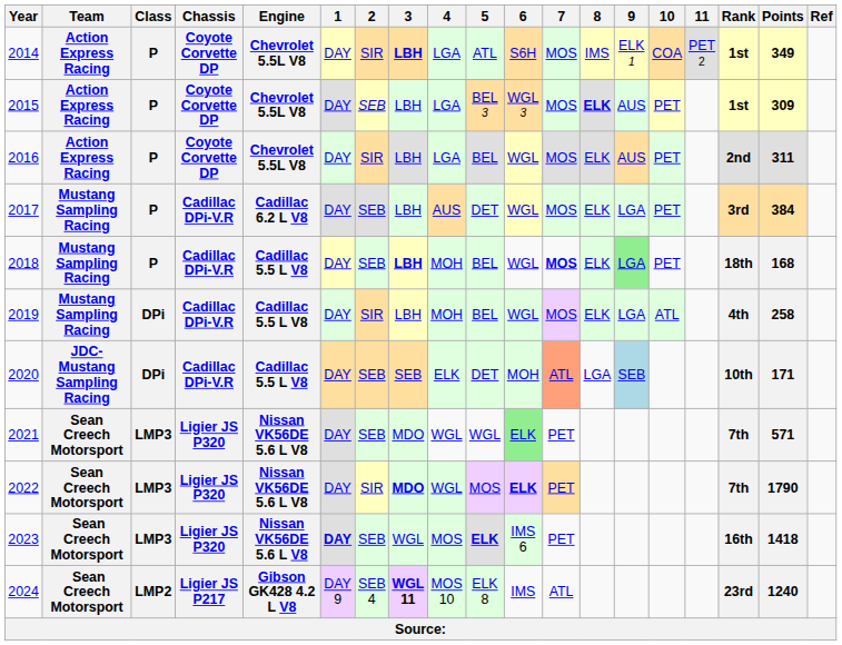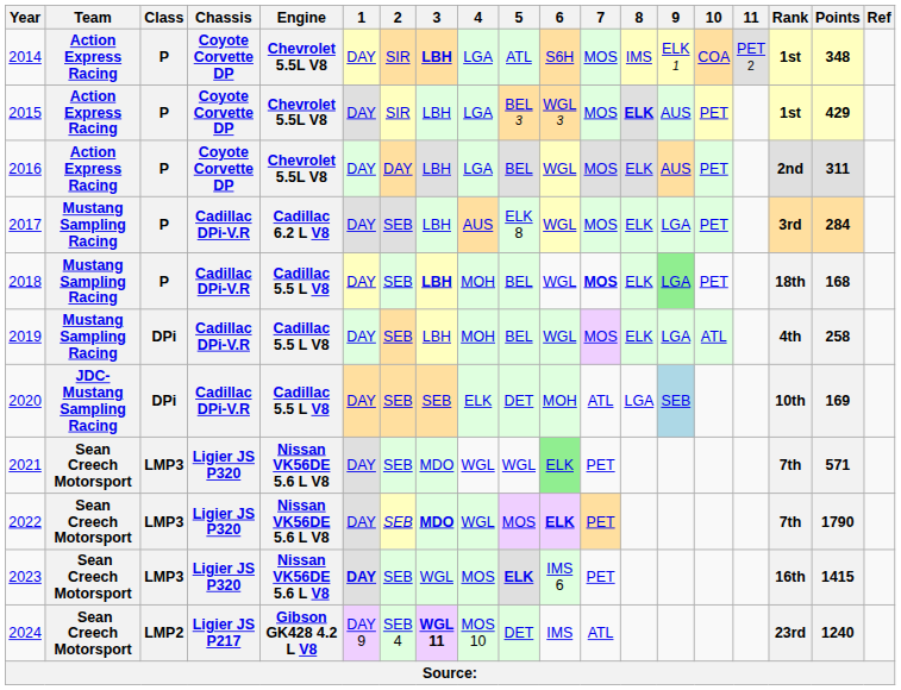 <table class="wikitable" style="text-align:center; font-size:90%">
 <tr>
 <th>Year</th>
 <th>Team</th>
 <th>Class</th>
 <th>Chassis</th>
 <th>Engine</th>
 <th>1</th>
 <th>2</th>
 <th>3</th>
 <th>4</th>
 <th>5</th>
 <th>6</th>
 <th>7</th>
 <th>8</th>
 <th>9</th>
 <th>10</th>
 <th>11</th>
 <th>Rank</th>
 <th>Points</th>
 <th>Ref</th>
 </tr>
 <tr>
 <td><a href='#'>2014</a></td>
 <th><a href='#'>Action Express Racing</a></th>
 <th>P</th>
 <th><a href='#'>Coyote</a> <a href='#'>Corvette DP</a></th>
 <th><a href='#'>Chevrolet</a> 5.5L V8</th>
 <td style="background:#FFFFBF;"><a href='#'>DAY</a><br></td>
 <td style="background:#FFDF9F;"><a href='#'>SIR</a><br></td>
 <td style="background:#ffdf9f;"><strong><a href='#'>LBH</a><br></strong></td>
 <td style="background:#dfffdf;"><a href='#'>LGA</a><br></td>
 <td style="background:#dfffdf;"><a href='#'>ATL</a><br></td>
 <td style="background:#ffdf9f;"><a href='#'>S6H</a><br></td>
 <td style="background:#dfffdf;"><a href='#'>MOS</a><br></td>
 <td style="background:#ffffbf;"><a href='#'>IMS</a><br></td>
 <td style="background:#ffffbf;"><a href='#'>ELK</a><br><small><em>1</em></small></td>
 <td style="background:#ffdf9f;"><a href='#'>COA</a><br></td>
 <td style="background:#DFDFDF;"><a href='#'>PET</a><br><small>2 </small></td>
 <td style="background:#ffffbf;"><strong>1st</strong></td>
-<td style="background:#ffffbf;"><strong>349</strong></td>
+<td style="background:#ffffbf;"><strong>348</strong></td>
 <td></td>
 </tr>
 <tr>
 <td><a href='#'>2015</a></td>
 <th><a href='#'>Action Express Racing</a></th>
 <th>P</th>
 <th><a href='#'>Coyote</a> <a href='#'>Corvette DP</a></th>
 <th><a href='#'>Chevrolet</a> 5.5L V8</th>
 <td style="background:#DFDFDF;"><a href='#'>DAY</a><br></td>
-<td style="background:#FFFFBF;"><em><a href='#'>SEB</a><br></em></td>
+<td style="background:#FFFFBF;"><a href='#'>SIR</a><br></td>
 <td style="background:#dfffdf;"><a href='#'>LBH</a><br></td>
 <td style="background:#dfffdf;"><a href='#'>LGA</a><br></td>
 <td style="background:#ffdf9f;"><a href='#'>BEL</a><br><small><em>3</em></small></td>
 <td style="background:#ffdf9f;"><a href='#'>WGL</a><br><small><em>3</em></small></td>
 <td style="background:#dfffdf;"><a href='#'>MOS</a><br></td>
 <td style="background:#dfdfdf;"><strong><a href='#'>ELK</a> <br></strong></td>
 <td style="background:#DFFFDF;"><a href='#'>AUS</a><br></td>
 <td style="background:#FFFFBF;"><a href='#'>PET</a><br></td>
 <td></td>
 <td style="background:#ffffbf;"><strong>1st</strong></td>
-<td style="background:#ffffbf;"><strong>309</strong></td>
+<td style="background:#ffffbf;"><strong>429</strong></td>
 <td></td>
 </tr>
 <tr>
 <td><a href='#'>2016</a></td>
 <th><a href='#'>Action Express Racing</a></th>
 <th>P</th>
 <th><a href='#'>Coyote</a> <a href='#'>Corvette DP</a></th>
 <th><a href='#'>Chevrolet</a> 5.5L V8</th>
 <td style="background:#dfffdf;"><a href='#'>DAY</a><br></td>
-<td style="background:#ffdf9f;"><a href='#'>SIR</a><br></td>
+<td style="background:#FFDF9F;"><a href='#'>DAY</a><br></td>
 <td style="background:#dfdfdf;"><a href='#'>LBH</a><br></td>
 <td style="background:#dfffdf;"><a href='#'>LGA</a><br></td>
 <td style="background:#dfdfdf;"><a href='#'>BEL</a><br></td>
 <td style="background:#ffffbf;"><a href='#'>WGL</a><br></td>
 <td style="background:#dfdfdf;"><a href='#'>MOS</a><br></td>
 <td style="background:#dfdfdf;"><a href='#'>ELK</a><br></td>
 <td style="background:#ffdf9f;"><a href='#'>AUS</a><br></td>
 <td style="background:#dfffdf;"><a href='#'>PET</a><br></td>
 <td></td>
 <td style="background:#dfdfdf;"><strong>2nd</strong></td>
 <td style="background:#dfdfdf;"><strong>311</strong></td>
 <td></td>
 </tr>
 <tr>
 <td><a href='#'>2017</a></td>
 <th><a href='#'>Mustang Sampling Racing</a></th>
 <th>P</th>
 <th><a href='#'>Cadillac DPi-V.R</a></th>
 <th><a href='#'>Cadillac</a> 6.2 L <a href='#'>V8</a></th>
 <td style="background:#dfdfdf;"><a href='#'>DAY</a><br></td>
 <td style="background:#DFDFDF;"><a href='#'>SEB</a><br></td>
 <td style="background:#DFFFDF;"><a href='#'>LBH</a><br></td>
 <td style="background:#FFDF9F;"><a href='#'>AUS</a><br></td>
-<td style="background:#DFFFDF;"><a href='#'>DET</a><br></td>
+<td style="background:#DFFFDF;"><a href='#'>ELK</a><br>8</td>
 <td style="background:#FFFFBF;"><a href='#'>WGL</a><br></td>
 <td style="background:#DFFFDF;"><a href='#'>MOS</a><br></td>
 <td style="background:#DFFFDF;"><a href='#'>ELK</a><br></td>
 <td style="background:#DFFFDF;"><a href='#'>LGA</a><br></td>
 <td style="background:#DFFFDF;"><a href='#'>PET</a><br></td>
 <td></td>
 <td style="background:#FFDF9F;"><strong>3rd</strong></td>
-<td style="background:#FFDF9F;"><strong>384</strong></td>
+<td style="background:#FFDF9F;"><strong>284</strong></td>
 <td></td>
 </tr>
 <tr>
 <td><a href='#'>2018</a></td>
 <th><a href='#'>Mustang Sampling Racing</a></th>
 <th>P</th>
 <th><a href='#'>Cadillac DPi-V.R</a></th>
 <th><a href='#'>Cadillac</a> 5.5 L <a href='#'>V8</a></th>
 <td style="background:#FFFFBF;"><a href='#'>DAY</a><br></td>
 <td style="background:#DFFFDF;"><a href='#'>SEB</a><br></td>
 <td style="background:#FFFFBF;"><strong><a href='#'>LBH</a><br></strong></td>
 <td style="background:#DFFFDF;"><a href='#'>MOH</a><br></td>
 <td style="background:#DFFFDF;"><a href='#'>BEL</a><br></td>
 <td><a href='#'>WGL</a><br></td>
 <td><strong><a href='#'>MOS</a><br></strong></td>
 <td style="background:#DFFFDF;"><a href='#'>ELK</a><br></td>
 <td style="background: lightgreen;"><a href='#'>LGA</a><br></td>
 <td><a href='#'>PET</a></td>
 <td></td>
 <th>18th</th>
 <th>168</th>
 <td></td>
 </tr>
 <tr>
 <td rowspan=1><a href='#'>2019</a></td>
 <th><a href='#'>Mustang Sampling Racing</a></th>
 <th>DPi</th>
 <th><a href='#'>Cadillac DPi-V.R</a></th>
 <th><a href='#'>Cadillac</a> 5.5 L V8</th>
 <td style="background:#dfffdf;"><a href='#'>DAY</a><br></td>
-<td style="background:#FFDF9F;"><a href='#'>SIR</a><br></td>
+<td style="background:#ffdf9f;"><a href='#'>SEB</a><br></td>
 <td style="background:#ffffbf;"><a href='#'>LBH</a><br></td>
 <td style="background:#dfffdf;"><a href='#'>MOH</a><br></td>
 <td style="background:#dfffdf;"><a href='#'>BEL</a><br></td>
 <td style="background:#dfffdf;"><a href='#'>WGL</a><br></td>
 <td style="background:#efcfff;"><a href='#'>MOS</a><br></td>
 <td style="background:#dfffdf;"><a href='#'>ELK</a><br></td>
 <td style="background:#dfffdf;"><a href='#'>LGA</a><br></td>
 <td style="background:#dfffdf;"><a href='#'>ATL</a><br></td>
 <td></td>
 <th>4th</th>
 <th>258</th>
 <td></td>
 </tr>
 <tr>
 <td><a href='#'>2020</a></td>
 <th><a href='#'>JDC-Mustang Sampling Racing</a></th>
 <th>DPi</th>
 <th><a href='#'>Cadillac DPi-V.R</a></th>
 <th><a href='#'>Cadillac</a> 5.5 L <a href='#'>V8</a></th>
 <td style="background:#FFDF9F;"><a href='#'>DAY</a><br></td>
 <td style="background:#ffdf9f;"><a href='#'>SEB</a><br></td>
 <td style="background:#FFDF9F;"><a href='#'>SEB</a><br></td>
 <td style="background:#dfffdf;"><a href='#'>ELK</a><br></td>
 <td style="background:#DFFFDF;"><a href='#'>DET</a><br></td>
 <td style="background:#dfffdf;"><a href='#'>MOH</a><br></td>
-<td style="background: lightsalmon;"><a href='#'>ATL</a><br></td>
+<td><a href='#'>ATL</a><br></td>
 <td><a href='#'>LGA</a><br></td>
 <td style="background: lightblue;"><a href='#'>SEB</a><br></td>
 <td></td>
 <td></td>
 <th>10th</th>
-<th>171</th>
+<th>169</th>
 <td></td>
 </tr>
 <tr>
 <td><a href='#'>2021</a></td>
 <th>Sean Creech Motorsport</th>
 <th>LMP3</th>
 <th><a href='#'>Ligier JS P320</a></th>
 <th><a href='#'>Nissan VK56DE</a> 5.6 L V8</th>
 <td style="background:#DFDFDF;"><a href='#'>DAY</a><br></td>
 <td style="background:#dfffdf;"><a href='#'>SEB</a><br></td>
 <td style="background:#dfffdf;"><a href='#'>MDO</a><br></td>
 <td><a href='#'>WGL</a><br></td>
 <td><a href='#'>WGL</a><br></td>
 <td style="background: lightgreen;"><a href='#'>ELK</a><br></td>
 <td><a href='#'>PET</a><br></td>
 <td></td>
 <td></td>
 <td></td>
 <td></td>
 <th>7th</th>
 <th>571</th>
 <td></td>
 </tr>
 <tr>
 <td><a href='#'>2022</a></td>
 <th>Sean Creech Motorsport</th>
 <th>LMP3</th>
 <th><a href='#'>Ligier JS P320</a></th>
 <th><a href='#'>Nissan VK56DE</a> 5.6 L V8</th>
 <td style="background:#DFDFDF;"><a href='#'>DAY</a><br></td>
-<td style="background:#FFFFBF;"><a href='#'>SIR</a><br></td>
+<td style="background:#FFFFBF;"><em><a href='#'>SEB</a><br></em></td>
 <td style="background:#DFFFDF;"><strong><a href='#'>MDO</a><br></strong></td>
 <td style="background:#DFFFDF;"><a href='#'>WGL</a><br></td>
 <td style="background:#EFCFFF;"><a href='#'>MOS</a><br></td>
 <td style="background:#EFCFFF;"><strong><a href='#'>ELK</a><br></strong></td>
 <td style="background:#FFDF9F;"><a href='#'>PET</a><br></td>
 <td></td>
 <td></td>
 <td></td>
 <td></td>
 <th>7th</th>
 <th>1790</th>
 <td></td>
 </tr>
 <tr>
 <td><a href='#'>2023</a></td>
 <th> Sean Creech Motorsport</th>
 <th>LMP3</th>
 <th><a href='#'>Ligier JS P320</a></th>
 <th><a href='#'>Nissan VK56DE</a> 5.6 L <a href='#'>V8</a></th>
 <td style="background:#DFDFDF;"><strong><a href='#'>DAY</a><br></strong></td>
 <td style="background:#DFFFDF;"><a href='#'>SEB</a><br></td>
 <td style="background:#DFFFDF;"><a href='#'>WGL</a><br></td>
 <td style="background:#DFFFDF;"><a href='#'>MOS</a><br></td>
 <td style="background:#DFDFDF;”"><strong><a href='#'>ELK</a><br></strong></td>
 <td style="background:#DFFFDF;"><a href='#'>IMS</a><br>6</td>
 <td><a href='#'>PET</a><br></td>
 <td></td>
 <td></td>
 <td></td>
 <td></td>
 <th>16th</th>
-<th>1418</th>
+<th>1415</th>
 <td></td>
 </tr>
 <tr>
 <td><a href='#'>2024</a></td>
 <th> Sean Creech Motorsport</th>
 <th>LMP2</th>
 <th><a href='#'>Ligier JS P217</a></th>
 <th><a href='#'>Gibson</a> GK428 4.2 L <a href='#'>V8</a></th>
 <td style="background:#EFCFFF;"><a href='#'>DAY</a><br>9</td>
 <td style="background:#DFFFDF;"><a href='#'>SEB</a><br>4</td>
 <td style="background:#EFCFFF;"><strong><a href='#'>WGL</a><br>11</strong></td>
 <td style="background:#DFFFDF;"><a href='#'>MOS</a><br>10</td>
-<td style="background:#DFFFDF;"><a href='#'>ELK</a><br>8</td>
+<td style="background:#DFFFDF;"><a href='#'>DET</a><br></td>
 <td><a href='#'>IMS</a><br></td>
 <td><a href='#'>ATL</a><br></td>
 <td></td>
 <td></td>
 <td></td>
 <td></td>
 <th>23rd</th>
 <th>1240</th>
 <td></td>
 </tr>
 <tr>
 <th colspan="19">Source:</th>
 </tr>
 </table>
